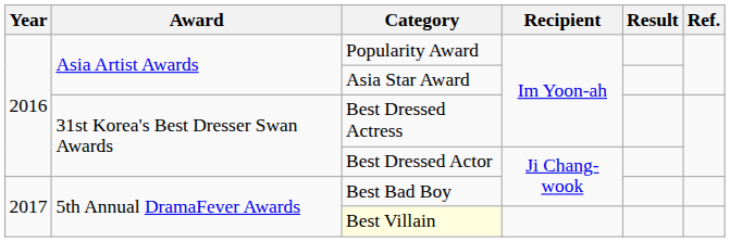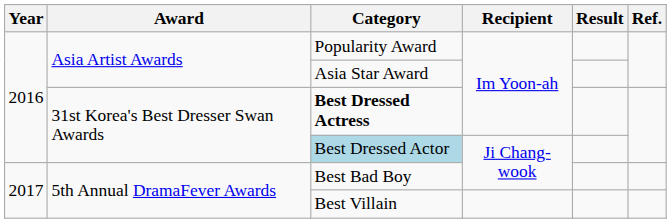 <table class="wikitable">
 <tr>
 <th>Year</th>
 <th>Award</th>
 <th>Category</th>
 <th>Recipient</th>
 <th>Result</th>
 <th>Ref.</th>
 </tr>
 <tr>
 <td rowspan="4">2016</td>
 <td rowspan="2"><a href='#'>Asia Artist Awards</a></td>
 <td>Popularity Award</td>
 <td rowspan="3" style="text-align:center;"><a href='#'>Im Yoon-ah</a></td>
 <td></td>
 <td rowspan="2"></td>
 </tr>
 <tr>
 <td>Asia Star Award</td>
 <td></td>
 </tr>
 <tr>
 <td rowspan="2">31st Korea's Best Dresser Swan Awards</td>
-<td>Best Dressed Actress</td>
+<td><strong>Best Dressed Actress</strong></td>
 <td></td>
 <td rowspan="2"></td>
 </tr>
 <tr>
-<td>Best Dressed Actor</td>
+<td style="background: lightblue;">Best Dressed Actor</td>
 <td rowspan="2" style="text-align:center;"><a href='#'>Ji Chang-wook</a></td>
 <td></td>
 </tr>
 <tr>
 <td rowspan="2">2017</td>
 <td rowspan="2">5th Annual <a href='#'>DramaFever Awards</a></td>
 <td>Best Bad Boy</td>
 <td></td>
 <td></td>
 </tr>
 <tr>
-<td style="background: lightyellow;">Best Villain</td>
+<td>Best Villain</td>
 <td></td>
 <td></td>
 <td></td>
 </tr>
 </table>
